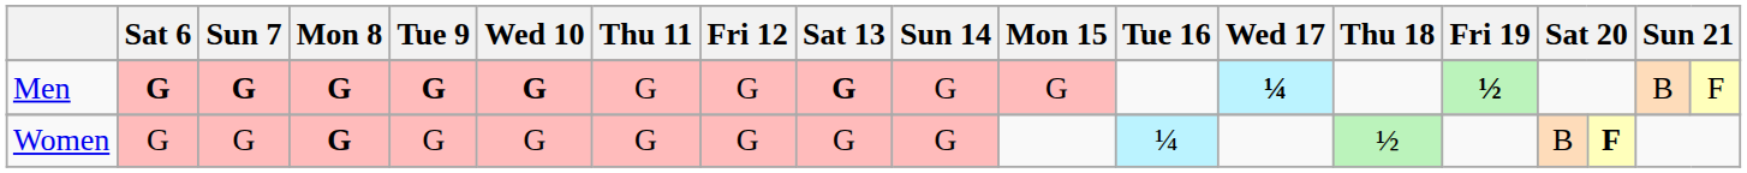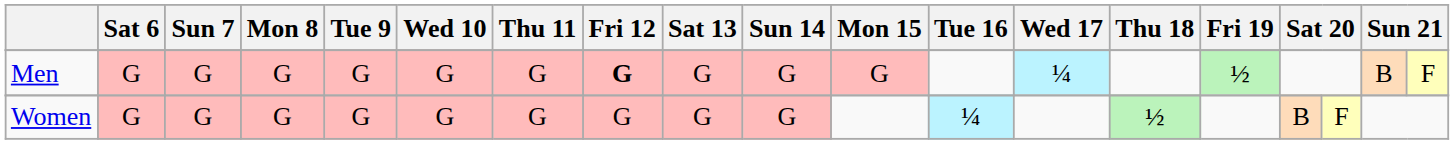 <table class="wikitable" style="margin:0.5em auto; font-size:90%; line-height:1.25em;">
 <tr align="center">
 <th></th>
 <th>Sat 6</th>
 <th>Sun 7</th>
 <th>Mon 8</th>
 <th>Tue 9</th>
 <th>Wed 10</th>
 <th>Thu 11</th>
 <th>Fri 12</th>
 <th>Sat 13</th>
 <th>Sun 14</th>
 <th>Mon 15</th>
 <th>Tue 16</th>
 <th>Wed 17</th>
 <th>Thu 18</th>
 <th>Fri 19</th>
 <th colspan="2">Sat 20</th>
 <th colspan="2">Sun 21</th>
 </tr>
 <tr>
 </tr>
 <tr align="center">
 <td align="left"><a href='#'>Men</a></td>
-<td bgcolor="#FFBBBB"><strong>G</strong></td>
-<td bgcolor="#FFBBBB"><strong>G</strong></td>
-<td bgcolor="#FFBBBB"><strong>G</strong></td>
-<td bgcolor="#FFBBBB"><strong>G</strong></td>
-<td bgcolor="#FFBBBB"><strong>G</strong></td>
+<td bgcolor="#FFBBBB">G</td>
+<td bgcolor="#FFBBBB">G</td>
+<td bgcolor="#FFBBBB">G</td>
+<td bgcolor="#FFBBBB">G</td>
 <td bgcolor="#FFBBBB">G</td>
 <td bgcolor="#FFBBBB">G</td>
 <td bgcolor="#FFBBBB"><strong>G</strong></td>
 <td bgcolor="#FFBBBB">G</td>
 <td bgcolor="#FFBBBB">G</td>
+<td bgcolor="#FFBBBB">G</td>
 <td></td>
-<td bgcolor="#BBF3FF"><strong>¼</strong></td>
+<td bgcolor="#BBF3FF">¼</td>
 <td></td>
-<td bgcolor="#BBF3BB"><strong>½</strong></td>
+<td bgcolor="#BBF3BB">½</td>
 <td colspan="2"></td>
 <td bgcolor="#FEDCBA">B</td>
 <td bgcolor="#FFFFBB">F</td>
 </tr>
 <tr>
 </tr>
 <tr align="center">
 <td align="left"><a href='#'>Women</a></td>
 <td bgcolor="#FFBBBB">G</td>
 <td bgcolor="#FFBBBB">G</td>
-<td bgcolor="#FFBBBB"><strong>G</strong></td>
+<td bgcolor="#FFBBBB">G</td>
 <td bgcolor="#FFBBBB">G</td>
 <td bgcolor="#FFBBBB">G</td>
 <td bgcolor="#FFBBBB">G</td>
 <td bgcolor="#FFBBBB">G</td>
 <td bgcolor="#FFBBBB">G</td>
 <td bgcolor="#FFBBBB">G</td>
 <td></td>
 <td bgcolor="#BBF3FF">¼</td>
 <td></td>
 <td bgcolor="#BBF3BB">½</td>
 <td></td>
 <td bgcolor="#FEDCBA">B</td>
-<td bgcolor="#FFFFBB"><strong>F</strong></td>
+<td bgcolor="#FFFFBB">F</td>
 <td colspan="2"></td>
 </tr>
 </table>
